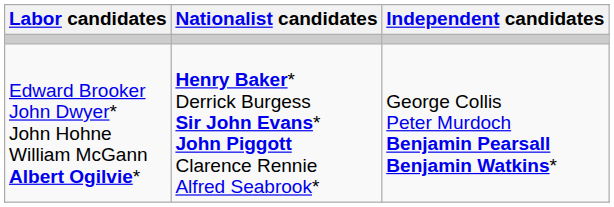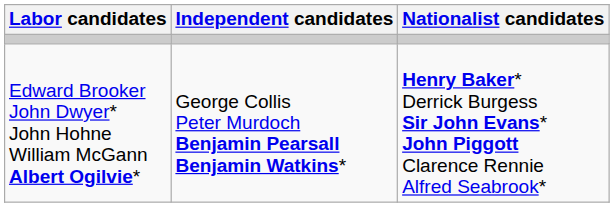 <table class="wikitable">
 <tr>
 <th><a href='#'>Labor</a> candidates</th>
+<th><a href='#'>Independent</a> candidates</th>
 <th><a href='#'>Nationalist</a> candidates</th>
-<th><a href='#'>Independent</a> candidates</th>
 </tr>
 <tr bgcolor="#cccccc">
 <td></td>
 <td></td>
 <td></td>
 </tr>
 <tr>
 <td><br><a href='#'>Edward Brooker</a><br> <a href='#'>John Dwyer</a>*<br> John Hohne<br> William McGann<br> <strong><a href='#'>Albert Ogilvie</a></strong>*</td>
+<td><br>George Collis<br> <a href='#'>Peter Murdoch</a><br> <strong><a href='#'>Benjamin Pearsall</a></strong><br> <strong><a href='#'>Benjamin Watkins</a></strong>*</td>
 <td><br><strong><a href='#'>Henry Baker</a></strong>*<br> Derrick Burgess<br> <strong><a href='#'>Sir John Evans</a></strong>*<br> <strong><a href='#'>John Piggott</a></strong><br> Clarence Rennie<br> <a href='#'>Alfred Seabrook</a>*</td>
-<td><br>George Collis<br> <a href='#'>Peter Murdoch</a><br> <strong><a href='#'>Benjamin Pearsall</a></strong><br> <strong><a href='#'>Benjamin Watkins</a></strong>*</td>
 </tr>
 </table>
